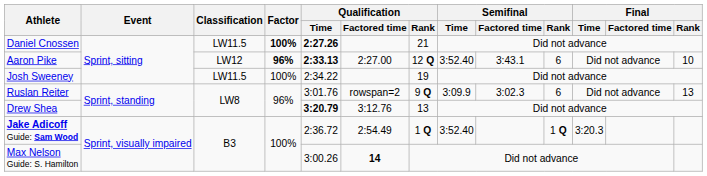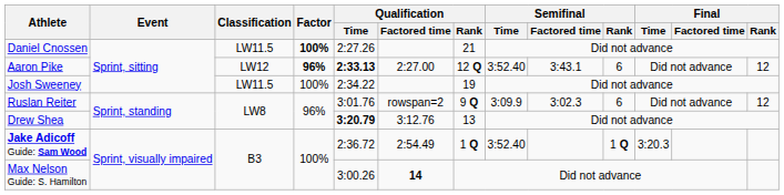 <table class=wikitable style=font-size:90%;text-align:center>
 <tr>
 <th rowspan=2>Athlete</th>
 <th rowspan=2>Event</th>
 <th rowspan=2>Classification</th>
 <th rowspan=2>Factor</th>
 <th colspan=3>Qualification</th>
 <th colspan=3>Semifinal</th>
 <th colspan=3>Final</th>
 </tr>
 <tr style=font-size:95%>
 <th>Time</th>
 <th>Factored time</th>
 <th>Rank</th>
 <th>Time</th>
 <th>Factored time</th>
 <th>Rank</th>
 <th>Time</th>
 <th>Factored time</th>
 <th>Rank</th>
 </tr>
 <tr>
 <td align=left><a href='#'>Daniel Cnossen</a></td>
 <td align=left rowspan=3><a href='#'>Sprint, sitting</a></td>
 <td>LW11.5</td>
 <td><strong>100%</strong></td>
-<td><strong>2:27.26</strong></td>
+<td>2:27.26</td>
 <td></td>
 <td>21</td>
 <td colspan=6>Did not advance</td>
 </tr>
 <tr>
 <td align=left><a href='#'>Aaron Pike</a></td>
 <td>LW12</td>
 <td><strong>96%</strong></td>
 <td><strong>2:33.13</strong></td>
 <td>2:27.00</td>
 <td>12 <strong>Q</strong></td>
 <td>3:52.40</td>
 <td>3:43.1</td>
 <td>6</td>
 <td colspan=2>Did not advance</td>
-<td>10</td>
+<td>12</td>
 </tr>
 <tr>
 <td align=left><a href='#'>Josh Sweeney</a></td>
 <td>LW11.5</td>
 <td>100%</td>
 <td>2:34.22</td>
 <td></td>
 <td>19</td>
 <td colspan=6>Did not advance</td>
 </tr>
 <tr>
 <td align=left><a href='#'>Ruslan Reiter</a></td>
 <td align=left rowspan=2><a href='#'>Sprint, standing</a></td>
 <td rowspan=2>LW8</td>
 <td rowspan=2>96%</td>
 <td>3:01.76</td>
 <td>rowspan=2 </td>
 <td>9 <strong>Q</strong></td>
 <td>3:09.9</td>
 <td>3:02.3</td>
 <td>6</td>
 <td colspan=2>Did not advance</td>
-<td>13</td>
+<td>12</td>
 </tr>
 <tr>
 <td align=left><a href='#'>Drew Shea</a></td>
 <td><strong>3:20.79</strong></td>
 <td>3:12.76</td>
 <td>13</td>
 <td colspan=6>Did not advance</td>
 </tr>
 <tr>
 <td align=left><strong><a href='#'>Jake Adicoff</a></strong><br><small>Guide: <strong><a href='#'>Sam Wood</a></strong></small></td>
 <td align=left rowspan=2><a href='#'>Sprint, visually impaired</a></td>
 <td rowspan=2>B3</td>
 <td rowspan=2>100%</td>
 <td>2:36.72</td>
 <td>2:54.49</td>
 <td>1 <strong>Q</strong></td>
 <td>3:52.40</td>
 <td></td>
 <td>1 <strong>Q</strong></td>
 <td>3:20.3</td>
 <td></td>
 <td></td>
 </tr>
 <tr>
 <td align=left><a href='#'>Max Nelson</a><br><small>Guide: S. Hamilton</small></td>
 <td>3:00.26</td>
 <td><strong>14</strong></td>
 <td colspan=6>Did not advance</td>
 </tr>
 </table>
